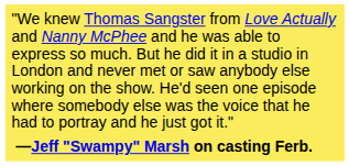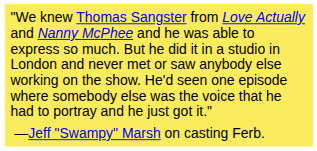 <table class="toccolours" style="float: left; margin-left: 1em; margin-right: 2em; font-size: 95%; background:#FBEC5D; color:black; width:22em; max-width: 40%;" cellspacing="5">
 <tr>
 <td style="text-align: left;">"We knew <a href='#'>Thomas Sangster</a> from <em><a href='#'>Love Actually</a></em> and <em><a href='#'>Nanny McPhee</a></em> and he was able to express so much. But he did it in a studio in London and never met or saw anybody else working on the show. He'd seen one episode where somebody else was the voice that he had to portray and he just got it."</td>
 </tr>
 <tr>
-<td style="text-align: left;"><strong> —<a href='#'>Jeff "Swampy" Marsh</a> on casting Ferb.</strong></td>
+<td style="text-align: left;"> —<a href='#'>Jeff "Swampy" Marsh</a> on casting Ferb.</td>
 </tr>
 </table>
